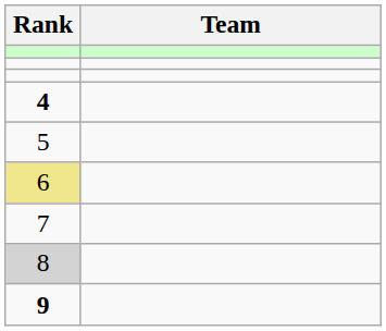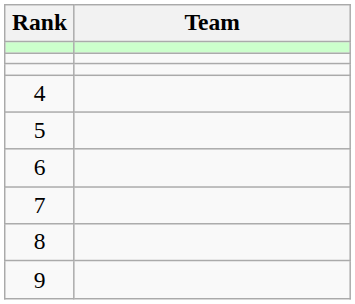 <table class="wikitable" style="text-align: center;">
 <tr>
 <th width=40>Rank</th>
 <th width=180>Team</th>
 </tr>
 <tr bgcolor=#ccffcc>
 <td></td>
 <td align=left></td>
 </tr>
 <tr>
 <td></td>
 <td align=left></td>
 </tr>
 <tr>
 <td></td>
 <td align=left></td>
 </tr>
 <tr>
-<td><strong>4</strong></td>
+<td>4</td>
 <td align=left></td>
 </tr>
 <tr>
 <td>5</td>
 <td align=left></td>
 </tr>
 <tr>
-<td style="background: khaki;">6</td>
+<td>6</td>
 <td align=left></td>
 </tr>
 <tr>
 <td>7</td>
 <td align=left></td>
 </tr>
 <tr>
-<td style="background: lightgrey;">8</td>
+<td>8</td>
 <td align=left></td>
 </tr>
 <tr>
-<td><strong>9</strong></td>
+<td>9</td>
 <td align=left></td>
 </tr>
 </table>
